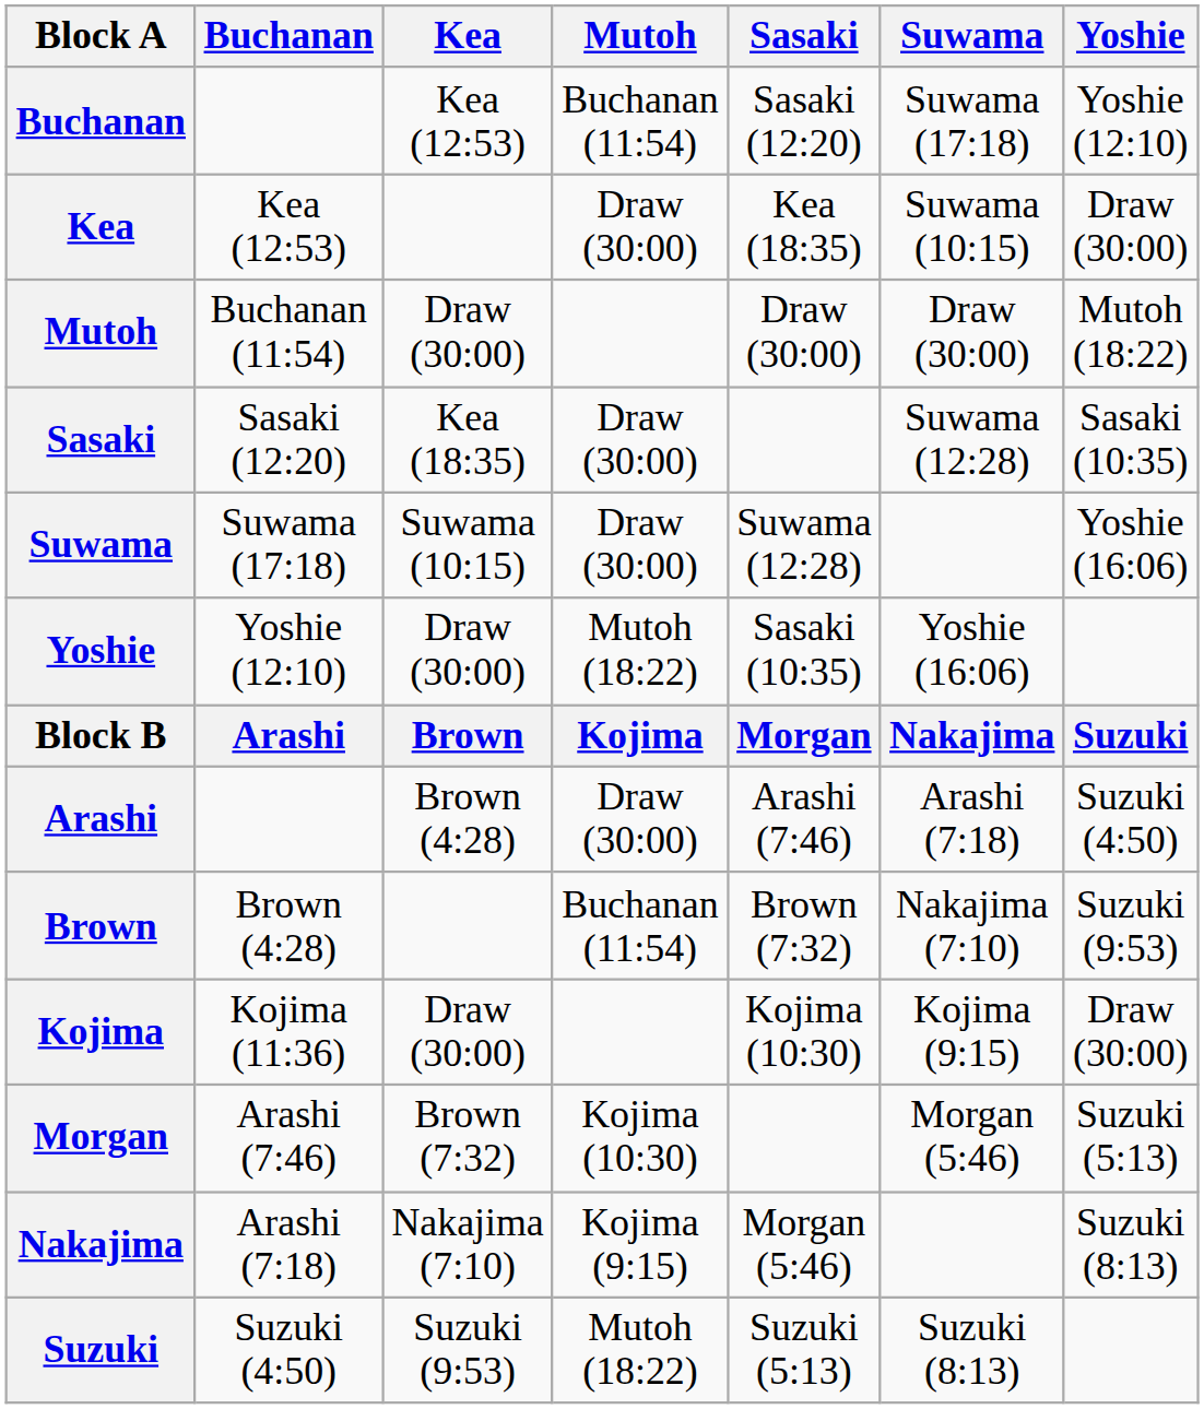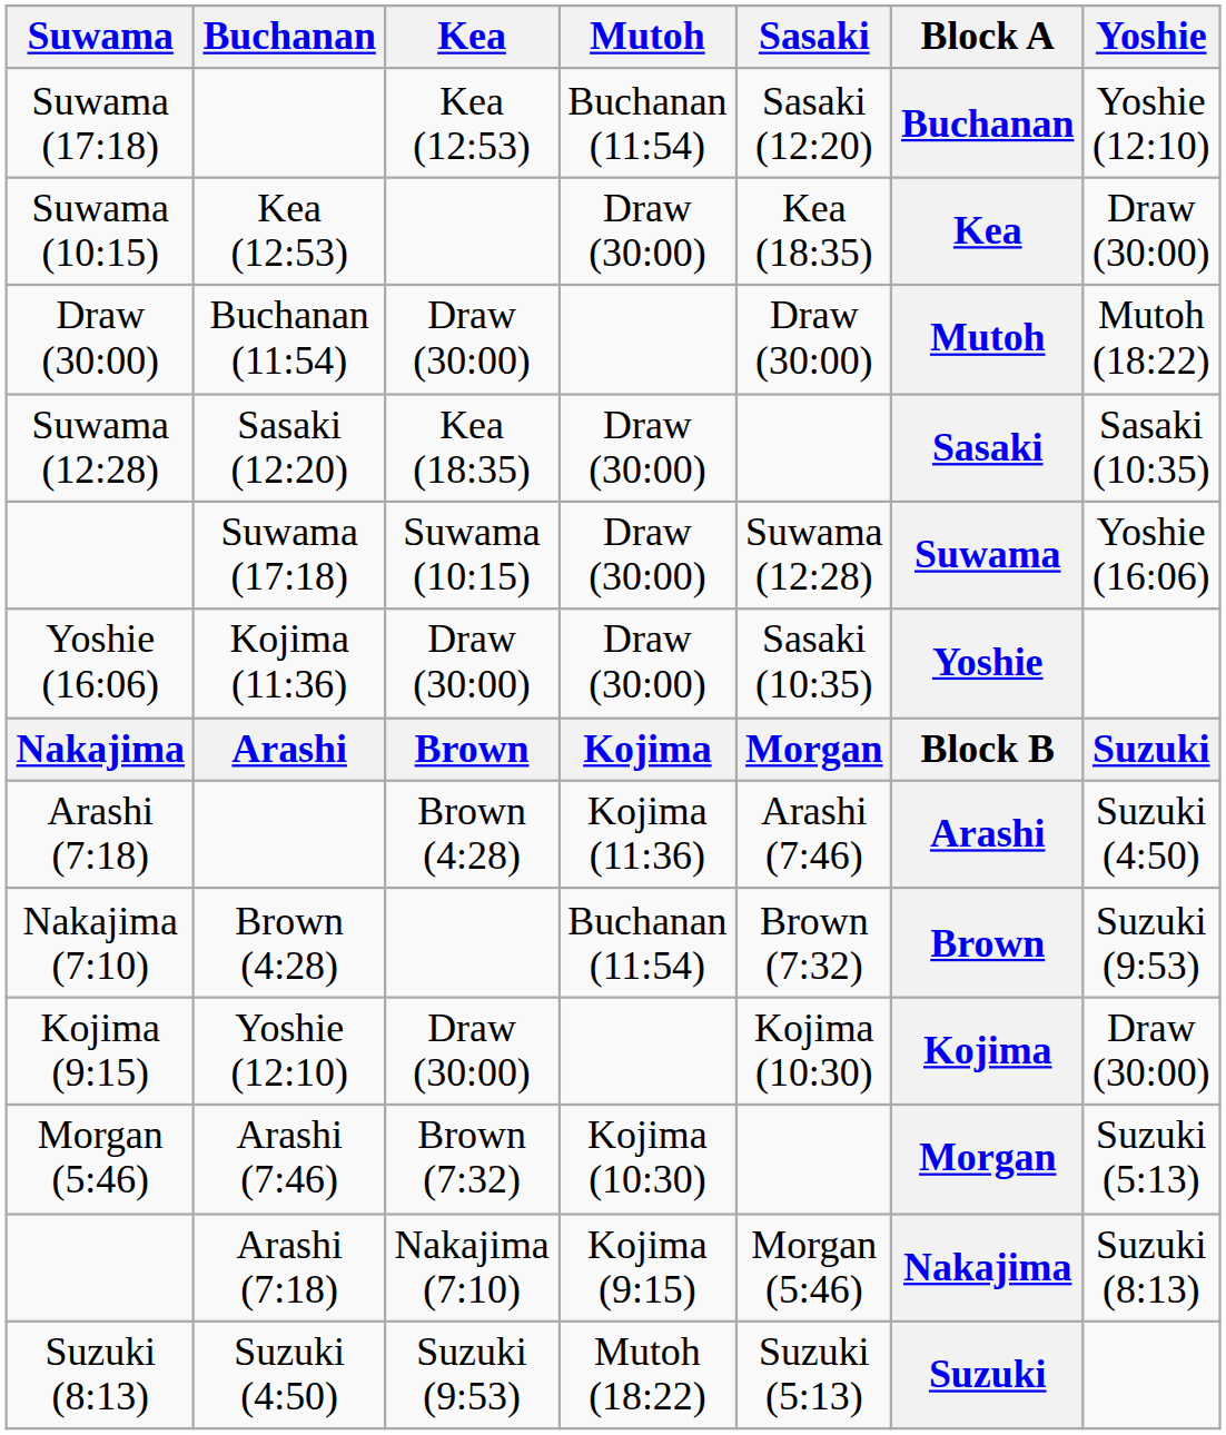 <table class="wikitable" style="margin: 1em auto 1em auto;text-align:center">
 <tr>
-<th>Block A</th>
+<th><a href='#'>Suwama</a></th>
 <th><a href='#'>Buchanan</a></th>
 <th><a href='#'>Kea</a></th>
 <th><a href='#'>Mutoh</a></th>
 <th><a href='#'>Sasaki</a></th>
-<th><a href='#'>Suwama</a></th>
+<th>Block A</th>
 <th><a href='#'>Yoshie</a></th>
 </tr>
 <tr>
-<th><a href='#'>Buchanan</a></th>
+<td>Suwama<br>(17:18)</td>
 <td></td>
 <td>Kea<br>(12:53)</td>
 <td>Buchanan<br>(11:54)</td>
 <td>Sasaki<br>(12:20)</td>
-<td>Suwama<br>(17:18)</td>
+<th><a href='#'>Buchanan</a></th>
 <td>Yoshie<br>(12:10)</td>
 </tr>
 <tr>
-<th><a href='#'>Kea</a></th>
+<td>Suwama<br>(10:15)</td>
 <td>Kea<br>(12:53)</td>
 <td></td>
 <td>Draw<br>(30:00)</td>
 <td>Kea<br>(18:35)</td>
-<td>Suwama<br>(10:15)</td>
+<th><a href='#'>Kea</a></th>
 <td>Draw<br>(30:00)</td>
 </tr>
 <tr>
-<th><a href='#'>Mutoh</a></th>
+<td>Draw<br>(30:00)</td>
 <td>Buchanan<br>(11:54)</td>
 <td>Draw<br>(30:00)</td>
 <td></td>
 <td>Draw<br>(30:00)</td>
-<td>Draw<br>(30:00)</td>
+<th><a href='#'>Mutoh</a></th>
 <td>Mutoh<br>(18:22)</td>
 </tr>
 <tr>
-<th><a href='#'>Sasaki</a></th>
+<td>Suwama<br>(12:28)</td>
 <td>Sasaki<br>(12:20)</td>
 <td>Kea<br>(18:35)</td>
 <td>Draw<br>(30:00)</td>
 <td></td>
-<td>Suwama<br>(12:28)</td>
+<th><a href='#'>Sasaki</a></th>
 <td>Sasaki<br>(10:35)</td>
 </tr>
 <tr>
-<th><a href='#'>Suwama</a></th>
+<td></td>
 <td>Suwama<br>(17:18)</td>
 <td>Suwama<br>(10:15)</td>
 <td>Draw<br>(30:00)</td>
 <td>Suwama<br>(12:28)</td>
-<td></td>
+<th><a href='#'>Suwama</a></th>
 <td>Yoshie<br>(16:06)</td>
 </tr>
 <tr>
+<td>Yoshie<br>(16:06)</td>
+<td>Kojima<br>(11:36)</td>
+<td>Draw<br>(30:00)</td>
+<td>Draw<br>(30:00)</td>
+<td>Sasaki<br>(10:35)</td>
 <th><a href='#'>Yoshie</a></th>
-<td>Yoshie<br>(12:10)</td>
-<td>Draw<br>(30:00)</td>
-<td>Mutoh<br>(18:22)</td>
-<td>Sasaki<br>(10:35)</td>
-<td>Yoshie<br>(16:06)</td>
 <td></td>
 </tr>
 <tr>
-<th>Block B</th>
+<th><a href='#'>Nakajima</a></th>
 <th><a href='#'>Arashi</a></th>
 <th><a href='#'>Brown</a></th>
 <th><a href='#'>Kojima</a></th>
 <th><a href='#'>Morgan</a></th>
-<th><a href='#'>Nakajima</a></th>
+<th>Block B</th>
 <th><a href='#'>Suzuki</a></th>
 </tr>
 <tr>
-<th><a href='#'>Arashi</a></th>
+<td>Arashi<br>(7:18)</td>
 <td></td>
 <td>Brown<br>(4:28)</td>
-<td>Draw<br>(30:00)</td>
+<td>Kojima<br>(11:36)</td>
 <td>Arashi<br>(7:46)</td>
-<td>Arashi<br>(7:18)</td>
+<th><a href='#'>Arashi</a></th>
 <td>Suzuki<br>(4:50)</td>
 </tr>
 <tr>
-<th><a href='#'>Brown</a></th>
+<td>Nakajima<br>(7:10)</td>
 <td>Brown<br>(4:28)</td>
 <td></td>
 <td>Buchanan<br>(11:54)</td>
 <td>Brown<br>(7:32)</td>
-<td>Nakajima<br>(7:10)</td>
+<th><a href='#'>Brown</a></th>
 <td>Suzuki<br>(9:53)</td>
 </tr>
 <tr>
-<th><a href='#'>Kojima</a></th>
-<td>Kojima<br>(11:36)</td>
+<td>Kojima<br>(9:15)</td>
+<td>Yoshie<br>(12:10)</td>
 <td>Draw<br>(30:00)</td>
 <td></td>
 <td>Kojima<br>(10:30)</td>
-<td>Kojima<br>(9:15)</td>
+<th><a href='#'>Kojima</a></th>
 <td>Draw<br>(30:00)</td>
 </tr>
 <tr>
-<th><a href='#'>Morgan</a></th>
+<td>Morgan<br>(5:46)</td>
 <td>Arashi<br>(7:46)</td>
 <td>Brown<br>(7:32)</td>
 <td>Kojima<br>(10:30)</td>
 <td></td>
-<td>Morgan<br>(5:46)</td>
+<th><a href='#'>Morgan</a></th>
 <td>Suzuki<br>(5:13)</td>
 </tr>
 <tr>
-<th><a href='#'>Nakajima</a></th>
+<td></td>
 <td>Arashi<br>(7:18)</td>
 <td>Nakajima<br>(7:10)</td>
 <td>Kojima<br>(9:15)</td>
 <td>Morgan<br>(5:46)</td>
-<td></td>
+<th><a href='#'>Nakajima</a></th>
 <td>Suzuki<br>(8:13)</td>
 </tr>
 <tr>
-<th><a href='#'>Suzuki</a></th>
+<td>Suzuki<br>(8:13)</td>
 <td>Suzuki<br>(4:50)</td>
 <td>Suzuki<br>(9:53)</td>
 <td>Mutoh<br>(18:22)</td>
 <td>Suzuki<br>(5:13)</td>
-<td>Suzuki<br>(8:13)</td>
+<th><a href='#'>Suzuki</a></th>
 <td></td>
 </tr>
 </table>
